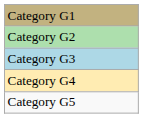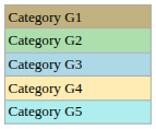 <table class="wikitable" style="font-size:85%;" width=11%>
 <tr bgcolor=#C2B280>
 <td>Category G1</td>
 </tr>
 <tr bgcolor="#ADDFAD">
 <td>Category G2</td>
 </tr>
 <tr bgcolor="lightblue">
 <td>Category G3</td>
 </tr>
 <tr bgcolor=#ffecb2>
 <td>Category G4</td>
 </tr>
 <tr>
-<td>Category G5</td>
+<td style="background: paleturquoise;">Category G5</td>
 </tr>
 </table>
